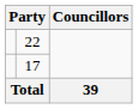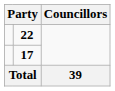 <table class="wikitable">
 <tr>
 <th colspan=2>Party</th>
 <th>Councillors</th>
 </tr>
 <tr>
 <td></td>
-<td align=center>22</td>
+<td align=center><strong>22</strong></td>
 </tr>
 <tr>
 <td></td>
-<td align=center>17</td>
+<td align=center><strong>17</strong></td>
 </tr>
 <tr>
 <th colspan=2>Total</th>
 <th align=center>39</th>
 </tr>
 </table>
